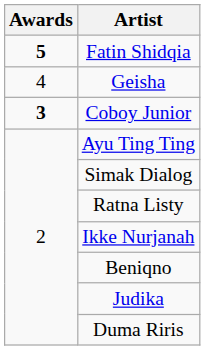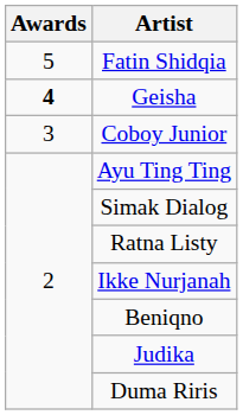 <table class="wikitable" style="text-align: center">
 <tr>
 <th>Awards</th>
 <th>Artist</th>
 </tr>
 <tr>
-<td style="text-align:center"><strong>5</strong></td>
+<td style="text-align:center">5</td>
 <td><a href='#'>Fatin Shidqia</a></td>
 </tr>
 <tr>
-<td style="text-align:center">4</td>
+<td style="text-align:center"><strong>4</strong></td>
 <td><a href='#'>Geisha</a></td>
 </tr>
 <tr>
-<td style="text-align:center"><strong>3</strong></td>
+<td style="text-align:center">3</td>
 <td><a href='#'>Coboy Junior</a></td>
 </tr>
 <tr>
 <td style="text-align:center" rowspan= "7">2</td>
 <td><a href='#'>Ayu Ting Ting</a></td>
 </tr>
 <tr>
 <td>Simak Dialog</td>
 </tr>
 <tr>
 <td>Ratna Listy</td>
 </tr>
 <tr>
 <td><a href='#'>Ikke Nurjanah</a></td>
 </tr>
 <tr>
 <td>Beniqno</td>
 </tr>
 <tr>
 <td><a href='#'>Judika</a></td>
 </tr>
 <tr>
 <td>Duma Riris</td>
 </tr>
 </table>
